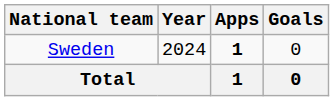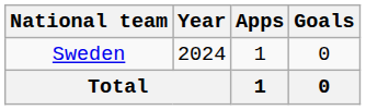 <table class="wikitable" style="text-align: center;">
 <tr>
 <th>National team</th>
 <th>Year</th>
 <th>Apps</th>
 <th>Goals</th>
 </tr>
 <tr>
 <td rowspan="1"><a href='#'>Sweden</a></td>
 <td>2024</td>
-<td><strong>1</strong></td>
+<td>1</td>
 <td>0</td>
 </tr>
 <tr>
 <th colspan="2">Total</th>
 <th>1</th>
 <th>0</th>
 </tr>
 </table>
